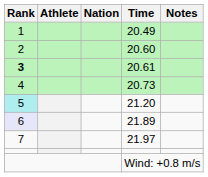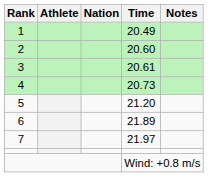 <table class="wikitable plainrowheaders sortable" style="text-align:center;">
 <tr>
 <th scope=col>Rank</th>
 <th scope=col>Athlete</th>
 <th scope=col>Nation</th>
 <th scope=col>Time</th>
 <th scope=col>Notes</th>
 </tr>
 <tr bgcolor=#bbf3bb>
 <td>1</td>
 <th scope=row style="background:#bbf3bb; text-align:left;"></th>
 <td align=left></td>
 <td>20.49</td>
 <td></td>
 </tr>
 <tr bgcolor=#bbf3bb>
 <td>2</td>
 <th scope=row style="background:#bbf3bb; text-align:left;"></th>
 <td align=left></td>
 <td>20.60</td>
 <td></td>
 </tr>
 <tr bgcolor=#bbf3bb>
-<td><strong>3</strong></td>
+<td>3</td>
 <th scope=row style="background:#bbf3bb; text-align:left;"></th>
 <td align=left></td>
 <td>20.61</td>
 <td></td>
 </tr>
 <tr bgcolor=#bbf3bb>
 <td>4</td>
 <th scope=row style="background:#bbf3bb; text-align:left;"></th>
 <td align=left></td>
 <td>20.73</td>
 <td></td>
 </tr>
 <tr>
-<td style="background: paleturquoise;">5</td>
+<td>5</td>
 <th scope=row style=text-align:left;></th>
 <td align=left></td>
 <td>21.20</td>
 <td></td>
 </tr>
 <tr>
-<td style="background: lavender;">6</td>
+<td>6</td>
 <th scope=row style=text-align:left;></th>
 <td align=left></td>
 <td>21.89</td>
 <td></td>
 </tr>
 <tr>
 <td>7</td>
 <th scope=row style=text-align:left;></th>
 <td align=left></td>
 <td>21.97</td>
 <td></td>
 </tr>
 <tr>
 <td></td>
 <th scope=row style=text-align:left;></th>
 <td align=left></td>
 <td></td>
 <td></td>
 </tr>
 <tr class=sortbottom>
 <td colspan=3></td>
 <td colspan=2 style=text-align:left;>Wind: +0.8 m/s</td>
 </tr>
 </table>
